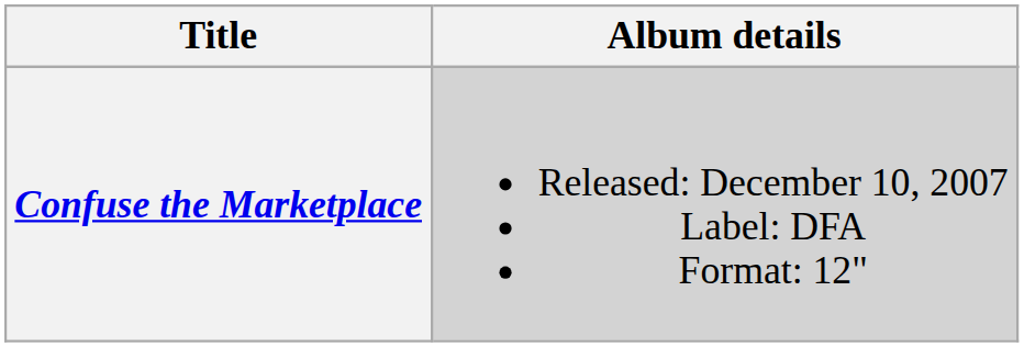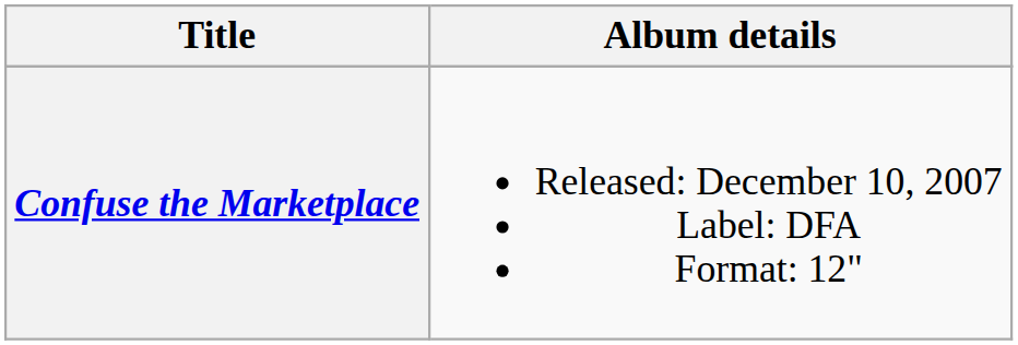 <table class="wikitable plainrowheaders" style="text-align:center;">
 <tr>
 <th scope=col>Title</th>
 <th scope=col>Album details</th>
 </tr>
 <tr>
 </tr>
 <tr>
 <th scope="row"><em><a href='#'>Confuse the Marketplace</a></em></th>
-<td style="background: lightgrey;"><br><ul><li>Released: December 10, 2007</li><li>Label: DFA</li><li>Format: 12"</li></ul></td>
+<td><br><ul><li>Released: December 10, 2007</li><li>Label: DFA</li><li>Format: 12"</li></ul></td>
 </tr>
 </table>
